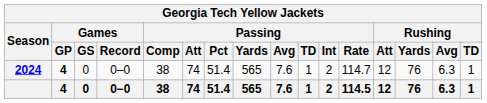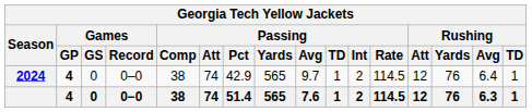 <table class="wikitable" style="text-align:center;">
 <tr>
 <th colspan="16">Georgia Tech Yellow Jackets</th>
 </tr>
 <tr>
 <th rowspan="2">Season</th>
 <th colspan="3">Games</th>
 <th colspan="8">Passing</th>
 <th colspan="4">Rushing</th>
 </tr>
 <tr>
 <th>GP</th>
 <th>GS</th>
 <th>Record</th>
 <th>Comp</th>
 <th>Att</th>
 <th>Pct</th>
 <th>Yards</th>
 <th>Avg</th>
 <th>TD</th>
 <th>Int</th>
 <th>Rate</th>
 <th>Att</th>
 <th>Yards</th>
 <th>Avg</th>
 <th>TD</th>
 </tr>
 <tr>
 <th><a href='#'>2024</a></th>
 <td><strong>4</strong></td>
 <td>0</td>
 <td>0–0</td>
 <td>38</td>
 <td>74</td>
-<td>51.4</td>
+<td>42.9</td>
 <td>565</td>
-<td>7.6</td>
+<td>9.7</td>
 <td>1</td>
 <td>2</td>
-<td>114.7</td>
+<td>114.5</td>
 <td>12</td>
 <td>76</td>
-<td>6.3</td>
+<td>6.4</td>
 <td>1</td>
 </tr>
 <tr>
 <th></th>
 <th>4</th>
 <th>0</th>
 <th>0−0</th>
 <th>38</th>
 <th>74</th>
 <th>51.4</th>
 <th>565</th>
 <th>7.6</th>
 <th>1</th>
 <th>2</th>
 <th>114.5</th>
 <th>12</th>
 <th>76</th>
 <th>6.3</th>
 <th>1</th>
 </tr>
 </table>
